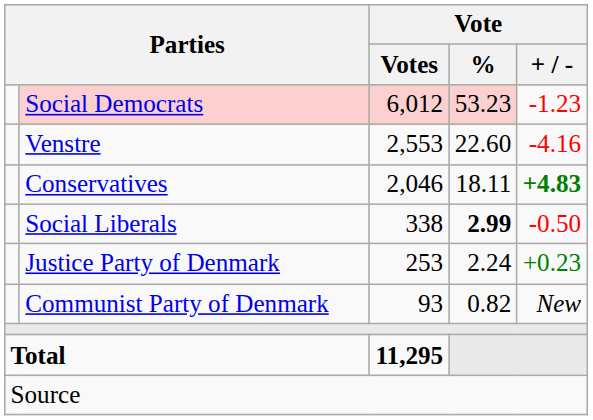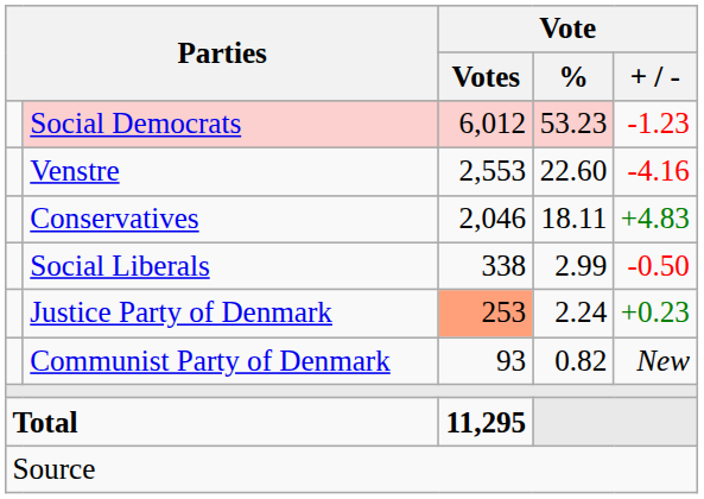 <table class="wikitable" style="text-align:right;">
 <tr>
 <th style="text-align:centre;" rowspan="2" colspan="2" width="225">Parties</th>
 <th colspan="3">Vote</th>
 </tr>
 <tr>
 <th width="15">Votes</th>
 <th width="15">%</th>
 <th width="15">+ / -</th>
 </tr>
 <tr>
 <td width="2" style="color:inherit;background:"></td>
 <td bgcolor=#fbd0ce  align="left"><a href='#'>Social Democrats</a></td>
 <td bgcolor=#fbd0ce>6,012</td>
 <td bgcolor=#fbd0ce>53.23</td>
 <td style=color:red;>-1.23</td>
 </tr>
 <tr>
 <td width="2" style="color:inherit;background:"></td>
 <td align="left"><a href='#'>Venstre</a></td>
 <td>2,553</td>
 <td>22.60</td>
 <td style=color:red;>-4.16</td>
 </tr>
 <tr>
 <td width="2" style="color:inherit;background:"></td>
 <td align="left"><a href='#'>Conservatives</a></td>
 <td>2,046</td>
 <td>18.11</td>
-<td style=color:green;><strong>+4.83</strong></td>
+<td style=color:green;>+4.83</td>
 </tr>
 <tr>
 <td width="2" style="color:inherit;background:"></td>
 <td align="left"><a href='#'>Social Liberals</a></td>
 <td>338</td>
-<td><strong>2.99</strong></td>
+<td>2.99</td>
 <td style=color:red;>-0.50</td>
 </tr>
 <tr>
 <td width="2" style="color:inherit;background:"></td>
 <td align="left"><a href='#'>Justice Party of Denmark</a></td>
-<td>253</td>
+<td style="background: lightsalmon;">253</td>
 <td>2.24</td>
 <td style=color:green;>+0.23</td>
 </tr>
 <tr>
 <td width="2" style="color:inherit;background:"></td>
 <td align="left"><a href='#'>Communist Party of Denmark</a></td>
 <td>93</td>
 <td>0.82</td>
 <td><em>New</em></td>
 </tr>
 <tr>
 <td colspan="7" bgcolor="#E9E9E9"></td>
 </tr>
 <tr>
 <td align="left" colspan="2"><strong>Total</strong></td>
 <td><strong>11,295</strong></td>
 <td bgcolor="#E9E9E9" colspan="2"></td>
 </tr>
 <tr>
 <td align="left" colspan="6">Source</td>
 </tr>
 </table>
